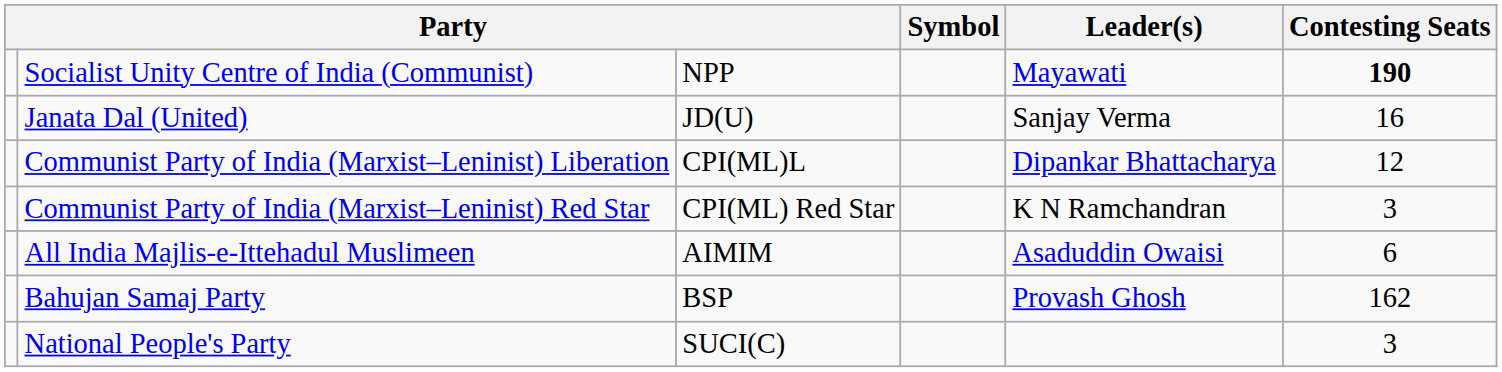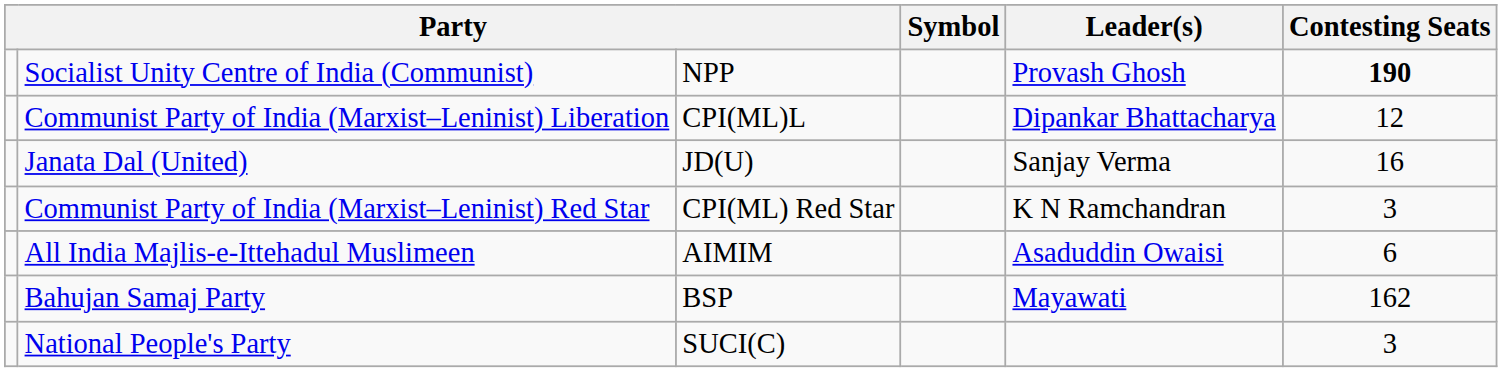 <table class="wikitable">
 <tr>
 <th colspan="3">Party</th>
 <th>Symbol</th>
 <th>Leader(s)</th>
 <th>Contesting Seats</th>
 </tr>
 <tr>
 <td></td>
 <td><a href='#'>Socialist Unity Centre of India (Communist)</a></td>
 <td>NPP</td>
 <td></td>
-<td><a href='#'>Mayawati</a></td>
+<td><a href='#'>Provash Ghosh</a></td>
 <td style="text-align:center"><strong>190</strong></td>
+</tr>
+<tr>
+<td></td>
+<td><a href='#'>Communist Party of India (Marxist–Leninist) Liberation</a></td>
+<td>CPI(ML)L</td>
+<td></td>
+<td><a href='#'>Dipankar Bhattacharya</a></td>
+<td style="text-align:center">12</td>
 </tr>
 <tr>
 <td></td>
 <td><a href='#'>Janata Dal (United)</a></td>
 <td>JD(U)</td>
 <td></td>
 <td>Sanjay Verma</td>
 <td style="text-align:center">16</td>
-</tr>
-<tr>
-<td></td>
-<td><a href='#'>Communist Party of India (Marxist–Leninist) Liberation</a></td>
-<td>CPI(ML)L</td>
-<td></td>
-<td><a href='#'>Dipankar Bhattacharya</a></td>
-<td style="text-align:center">12</td>
 </tr>
 <tr>
 <td></td>
 <td><a href='#'>Communist Party of India (Marxist–Leninist) Red Star</a></td>
 <td>CPI(ML) Red Star</td>
 <td></td>
 <td>K N Ramchandran</td>
 <td style="text-align:center">3</td>
 </tr>
 <tr>
 <td></td>
 <td><a href='#'>All India Majlis-e-Ittehadul Muslimeen</a></td>
 <td>AIMIM</td>
 <td></td>
 <td><a href='#'>Asaduddin Owaisi</a></td>
 <td style="text-align:center">6</td>
 </tr>
 <tr>
 <td></td>
 <td><a href='#'>Bahujan Samaj Party</a></td>
 <td>BSP</td>
 <td></td>
-<td><a href='#'>Provash Ghosh</a></td>
+<td><a href='#'>Mayawati</a></td>
 <td style="text-align:center">162</td>
 </tr>
 <tr>
 <td></td>
 <td><a href='#'>National People's Party</a></td>
 <td>SUCI(C)</td>
 <td></td>
 <td></td>
 <td style="text-align:center">3</td>
 </tr>
 </table>
